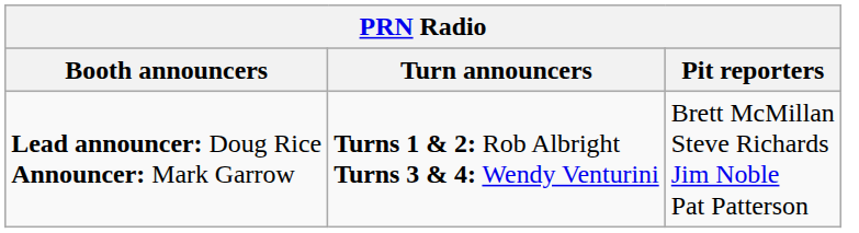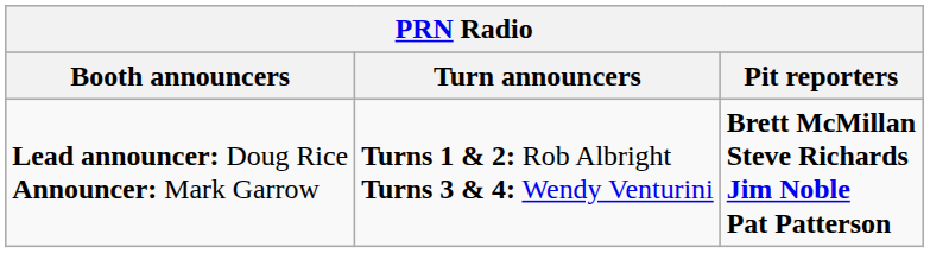 <table class="wikitable" style="font-size: 95%;">
 <tr>
 <th colspan="3"><a href='#'>PRN</a> Radio</th>
 </tr>
 <tr>
 <th>Booth announcers</th>
 <th>Turn announcers</th>
 <th>Pit reporters</th>
 </tr>
 <tr>
 <td><strong>Lead announcer:</strong> Doug Rice<br><strong>Announcer:</strong> Mark Garrow</td>
 <td><strong>Turns 1 & 2:</strong> Rob Albright<br><strong>Turns 3 & 4:</strong> <a href='#'>Wendy Venturini</a></td>
-<td>Brett McMillan<br>Steve Richards<br><a href='#'>Jim Noble</a><br>Pat Patterson</td>
+<td><strong>Brett McMillan<br>Steve Richards<br><a href='#'>Jim Noble</a><br>Pat Patterson</strong></td>
 </tr>
 </table>
